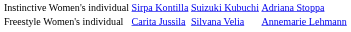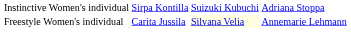 <table>
 <tr>
 <td>Instinctive Women's individual<br></td>
 <td> <a href='#'>Sirpa Kontilla</a></td>
 <td> <a href='#'>Suizuki Kubuchi</a></td>
 <td> <a href='#'>Adriana Stoppa</a></td>
 </tr>
 <tr>
 <td>Freestyle Women's individual<br></td>
 <td> <a href='#'>Carita Jussila</a></td>
-<td> <a href='#'>Silvana Velia</a></td>
+<td style="background: lightyellow;"> <a href='#'>Silvana Velia</a></td>
 <td> <a href='#'>Annemarie Lehmann</a></td>
 </tr>
 </table>
